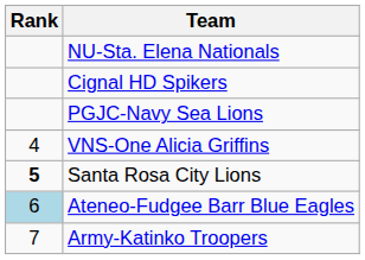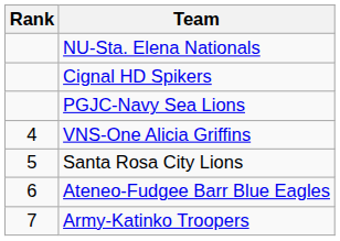 <table class="wikitable" style="text-align:center;">
 <tr>
 <th width=40>Rank</th>
 <th>Team</th>
 </tr>
 <tr>
 <td></td>
 <td style="text-align:left;"> <a href='#'>NU-Sta. Elena Nationals</a></td>
 </tr>
 <tr>
 <td></td>
 <td style="text-align:left;"> <a href='#'>Cignal HD Spikers</a></td>
 </tr>
 <tr>
 <td></td>
 <td style="text-align:left;"> <a href='#'>PGJC-Navy Sea Lions</a></td>
 </tr>
 <tr>
 <td>4</td>
 <td style="text-align:left;"> <a href='#'>VNS-One Alicia Griffins</a></td>
 </tr>
 <tr>
-<td><strong>5</strong></td>
+<td>5</td>
 <td style="text-align:left;"> Santa Rosa City Lions</td>
 </tr>
 <tr>
-<td style="background: lightblue;">6</td>
+<td>6</td>
 <td style="text-align:left;"> <a href='#'>Ateneo-Fudgee Barr Blue Eagles</a></td>
 </tr>
 <tr>
 <td>7</td>
 <td style="text-align:left;"> <a href='#'>Army-Katinko Troopers</a></td>
 </tr>
 </table>
